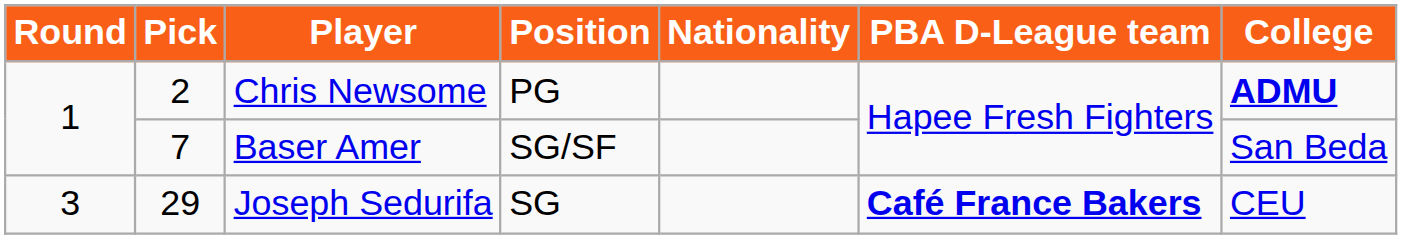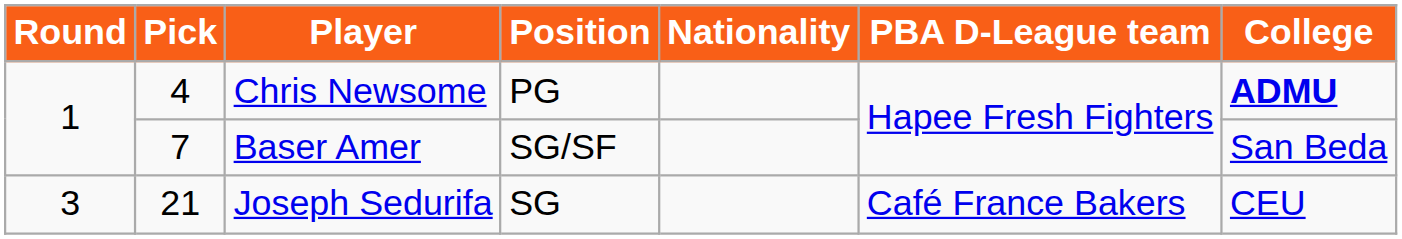 <table class="wikitable sortable sortable">
 <tr>
 <th style="background:#F95F17; color:#FFFFFF; ">Round</th>
 <th style="background:#F95F17; color:#FFFFFF; ">Pick</th>
 <th style="background:#F95F17; color:#FFFFFF; ">Player</th>
 <th style="background:#F95F17; color:#FFFFFF; ">Position</th>
 <th style="background:#F95F17; color:#FFFFFF; ">Nationality</th>
 <th style="background:#F95F17; color:#FFFFFF; ">PBA D-League team</th>
 <th style="background:#F95F17; color:#FFFFFF; ">College</th>
 </tr>
 <tr>
 <td align=center rowspan=2>1</td>
-<td align=center>2</td>
+<td align=center>4</td>
 <td><a href='#'>Chris Newsome</a></td>
 <td>PG</td>
 <td></td>
 <td rowspan=2><a href='#'>Hapee Fresh Fighters</a></td>
 <td><strong><a href='#'>ADMU</a></strong></td>
 </tr>
 <tr>
 <td align=center>7</td>
 <td><a href='#'>Baser Amer</a></td>
 <td>SG/SF</td>
 <td></td>
 <td><a href='#'>San Beda</a></td>
 </tr>
 <tr>
 <td align=center>3</td>
-<td align=center>29</td>
+<td align=center>21</td>
 <td><a href='#'>Joseph Sedurifa</a></td>
 <td>SG</td>
 <td></td>
-<td><strong><a href='#'>Café France Bakers</a></strong></td>
+<td><a href='#'>Café France Bakers</a></td>
 <td><a href='#'>CEU</a></td>
 </tr>
 </table>
